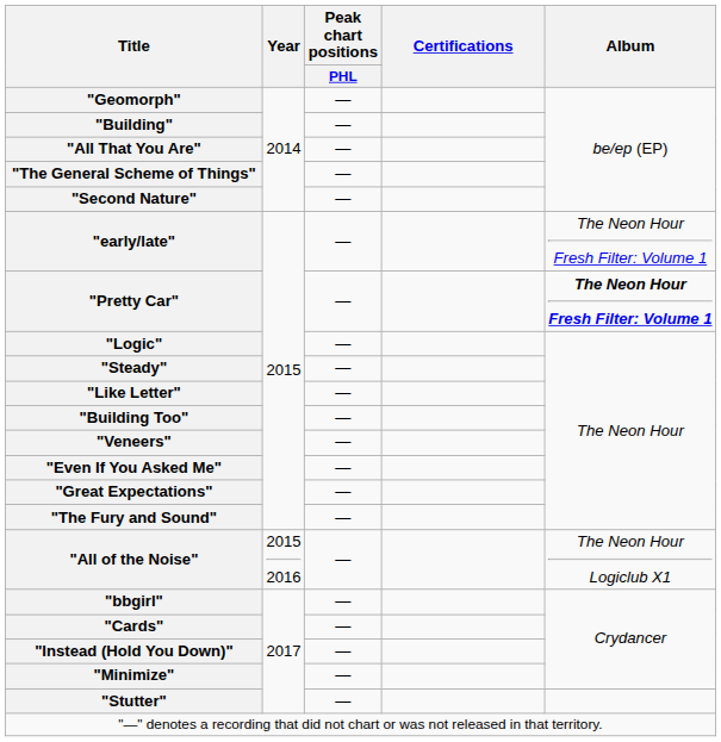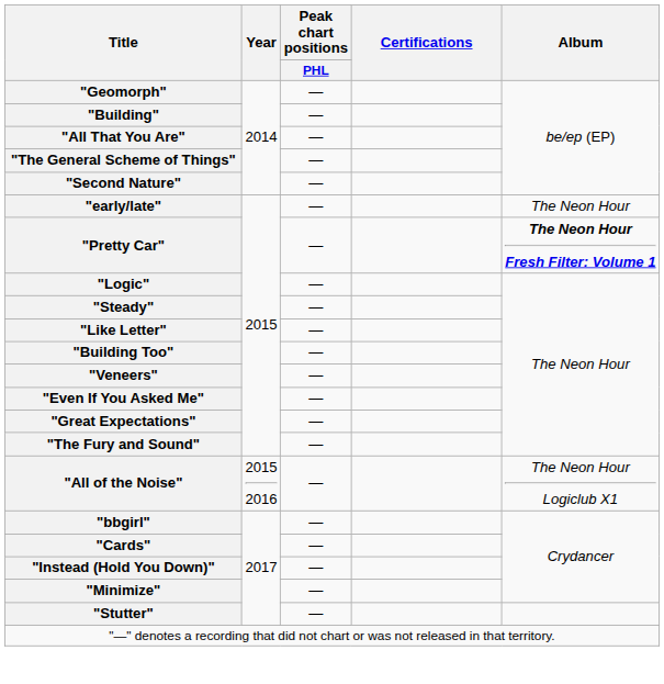 <table class="wikitable plainrowheaders" style="text-align:center;" border="1">
 <tr>
 <th scope="col" rowspan="2" style="width:16em;">Title</th>
 <th scope="col" rowspan="2">Year</th>
 <th scope="col">Peak chart positions</th>
 <th scope="col" rowspan="2" style="width:10em;"><a href='#'>Certifications</a></th>
 <th scope="col" rowspan="2">Album</th>
 </tr>
 <tr>
 <th scope="col" style="width:3em;font-size:90%;"><a href='#'>PHL</a><br></th>
 </tr>
 <tr>
 <th scope="row">"Geomorph"</th>
 <td rowspan="5">2014</td>
 <td>—</td>
 <td></td>
 <td rowspan="5"><em>be/ep</em> (EP)</td>
 </tr>
 <tr>
 <th scope="row">"Building"</th>
 <td>—</td>
 <td></td>
 </tr>
 <tr>
 <th scope="row">"All That You Are"</th>
 <td>—</td>
 <td></td>
 </tr>
 <tr>
 <th scope="row">"The General Scheme of Things"</th>
 <td>—</td>
 <td></td>
 </tr>
 <tr>
 <th scope="row">"Second Nature"</th>
 <td>—</td>
 <td></td>
 </tr>
 <tr>
 <th scope="row">"early/late"</th>
 <td rowspan="10">2015</td>
 <td>—</td>
 <td></td>
-<td><em>The Neon Hour</em><hr><em><a href='#'>Fresh Filter: Volume 1</a></em></td>
+<td><em>The Neon Hour</em></td>
 </tr>
 <tr>
 <th scope="row">"Pretty Car"</th>
 <td>—</td>
 <td></td>
 <td><strong><em>The Neon Hour</em><hr><em><a href='#'>Fresh Filter: Volume 1</a></em></strong></td>
 </tr>
 <tr>
 <th scope="row">"Logic"</th>
 <td>—</td>
 <td></td>
 <td rowspan="8"><em>The Neon Hour</em></td>
 </tr>
 <tr>
 <th scope="row">"Steady"</th>
 <td>—</td>
 <td></td>
 </tr>
 <tr>
 <th scope="row">"Like Letter"</th>
 <td>—</td>
 <td></td>
 </tr>
 <tr>
 <th scope="row">"Building Too"</th>
 <td>—</td>
 <td></td>
 </tr>
 <tr>
 <th scope="row">"Veneers" <br></th>
 <td>—</td>
 <td></td>
 </tr>
 <tr>
 <th scope="row">"Even If You Asked Me"</th>
 <td>—</td>
 <td></td>
 </tr>
 <tr>
 <th scope="row">"Great Expectations"</th>
 <td>—</td>
 <td></td>
 </tr>
 <tr>
 <th scope="row">"The Fury and Sound" <br></th>
 <td>—</td>
 <td></td>
 </tr>
 <tr>
 <th scope="row">"All of the Noise"</th>
 <td>2015<hr>2016</td>
 <td>—</td>
 <td></td>
 <td><em>The Neon Hour</em><hr><em>Logiclub X1</em></td>
 </tr>
 <tr>
 <th scope="row">"bbgirl"<br></th>
 <td rowspan="5">2017</td>
 <td>—</td>
 <td></td>
 <td rowspan="4"><em>Crydancer</em></td>
 </tr>
 <tr>
 <th scope="row">"Cards" <br></th>
 <td>—</td>
 <td></td>
 </tr>
 <tr>
 <th scope="row">"Instead (Hold You Down)"</th>
 <td>—</td>
 <td></td>
 </tr>
 <tr>
 <th scope="row">"Minimize" <br></th>
 <td>—</td>
 <td></td>
 </tr>
 <tr>
 <th scope="row">"Stutter" <br></th>
 <td>—</td>
 <td></td>
 <td></td>
 </tr>
 <tr>
 <td colspan="14" style="font-size:90%">"—" denotes a recording that did not chart or was not released in that territory.</td>
 </tr>
 </table>
